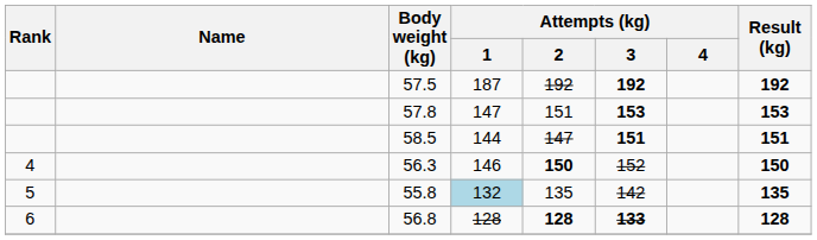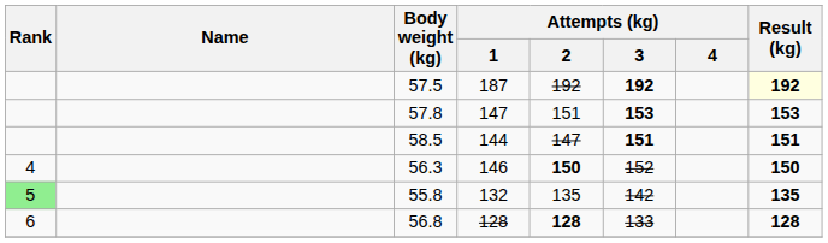 <table class="wikitable" style="text-align:center;">
 <tr>
 <th rowspan="2">Rank</th>
 <th rowspan="2" width="305">Name</th>
 <th rowspan="2" width="50">Body weight (kg)</th>
 <th colspan="4">Attempts (kg)</th>
 <th rowspan="2" width="60">Result (kg)</th>
 </tr>
 <tr>
 <th width="60">1</th>
 <th width="60">2</th>
 <th width="60">3</th>
 <th width="60">4</th>
 </tr>
 <tr>
 <td></td>
 <td align=left></td>
 <td>57.5</td>
 <td>187</td>
 <td><s>192</s></td>
 <td><strong>192</strong></td>
 <td></td>
-<td><strong>192</strong></td>
+<td style="background: lightyellow;"><strong>192</strong></td>
 </tr>
 <tr>
 <td></td>
 <td align=left></td>
 <td>57.8</td>
 <td>147</td>
 <td>151</td>
 <td><strong>153</strong></td>
 <td></td>
 <td><strong>153</strong></td>
 </tr>
 <tr>
 <td></td>
 <td align=left></td>
 <td>58.5</td>
 <td>144</td>
 <td><s>147</s></td>
 <td><strong>151</strong></td>
 <td></td>
 <td><strong>151</strong></td>
 </tr>
 <tr>
 <td>4</td>
 <td align=left></td>
 <td>56.3</td>
 <td>146</td>
 <td><strong>150</strong></td>
 <td><s>152</s></td>
 <td></td>
 <td><strong>150</strong></td>
 </tr>
 <tr>
-<td>5</td>
+<td style="background: lightgreen;">5</td>
 <td align=left></td>
 <td>55.8</td>
-<td style="background: lightblue;">132</td>
+<td>132</td>
 <td>135</td>
 <td><s>142</s></td>
 <td></td>
 <td><strong>135</strong></td>
 </tr>
 <tr>
 <td>6</td>
 <td align=left></td>
 <td>56.8</td>
 <td><s>128</s></td>
 <td><strong>128</strong></td>
-<td><strong><s>133</s></strong></td>
+<td><s>133</s></td>
 <td></td>
 <td><strong>128</strong></td>
 </tr>
 <tr>
 </tr>
 </table>
